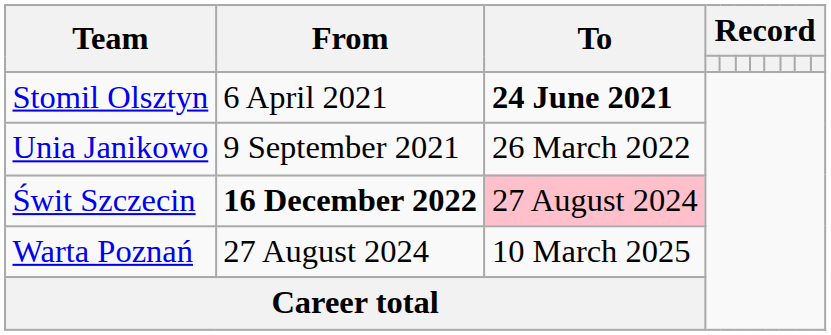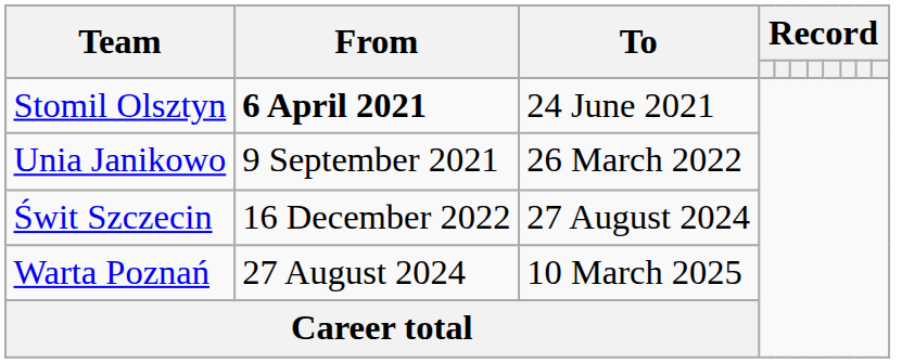 <table class="wikitable" style="text-align: center">
 <tr>
 <th rowspan="2">Team</th>
 <th rowspan="2">From</th>
 <th rowspan="2">To</th>
 <th colspan="8">Record</th>
 </tr>
 <tr>
 <th></th>
 <th></th>
 <th></th>
 <th></th>
 <th></th>
 <th></th>
 <th></th>
 <th></th>
 </tr>
 <tr>
 <td align=left><a href='#'>Stomil Olsztyn</a></td>
-<td align=left>6 April 2021</td>
-<td align=left><strong>24 June 2021<br></strong></td>
+<td align=left><strong>6 April 2021</strong></td>
+<td align=left>24 June 2021<br></td>
 </tr>
 <tr>
 <td align=left><a href='#'>Unia Janikowo</a></td>
 <td align=left>9 September 2021</td>
 <td align=left>26 March 2022<br></td>
 </tr>
 <tr>
 <td align=left><a href='#'>Świt Szczecin</a></td>
-<td align=left><strong>16 December 2022</strong></td>
-<td align=left style="background: pink;">27 August 2024<br></td>
+<td align=left>16 December 2022</td>
+<td align=left>27 August 2024<br></td>
 </tr>
 <tr>
 <td align=left><a href='#'>Warta Poznań</a></td>
 <td align=left>27 August 2024</td>
 <td align=left>10 March 2025<br></td>
 </tr>
 <tr>
 <th colspan="3">Career total<br></th>
 </tr>
 </table>
